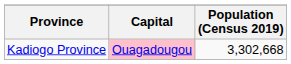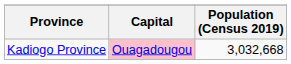 <table class="wikitable" | style="clear:right; float:right;">
 <tr>
 </tr>
 <tr>
 <th>Province</th>
 <th>Capital</th>
 <th>Population <br>(Census 2019)</th>
 </tr>
 <tr>
 <td><a href='#'>Kadiogo Province</a></td>
 <td style="background: pink;"><a href='#'>Ouagadougou</a></td>
-<td align="right">3,302,668</td>
+<td align="right">3,032,668</td>
 </tr>
 </table>
